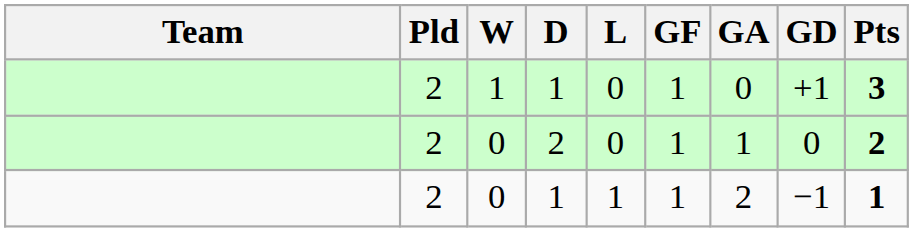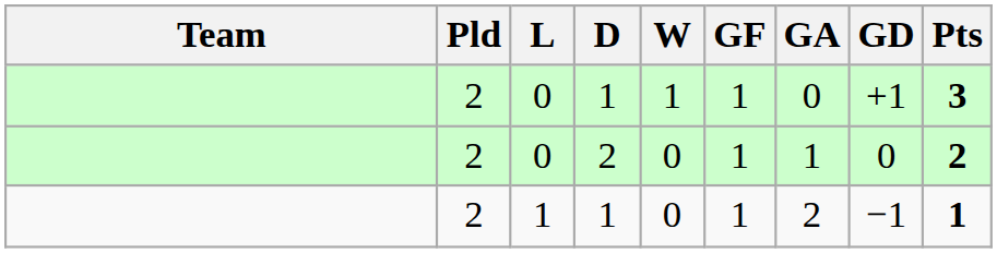 <table class="wikitable" style="text-align: center;">
 <tr>
 <th width=175>Team</th>
 <th width=20>Pld</th>
+<th width=20>L</th>
+<th width=20>D</th>
 <th width=20>W</th>
-<th width=20>D</th>
-<th width=20>L</th>
 <th width=20>GF</th>
 <th width=20>GA</th>
 <th width=20>GD</th>
 <th width=20>Pts</th>
 </tr>
 <tr bgcolor=ccffcc>
 <td style="text-align:left;"></td>
 <td>2</td>
+<td>0</td>
 <td>1</td>
 <td>1</td>
-<td>0</td>
 <td>1</td>
 <td>0</td>
 <td>+1</td>
 <td><strong>3</strong></td>
 </tr>
 <tr bgcolor=ccffcc>
 <td style="text-align:left;"></td>
 <td>2</td>
 <td>0</td>
 <td>2</td>
 <td>0</td>
 <td>1</td>
 <td>1</td>
 <td>0</td>
 <td><strong>2</strong></td>
 </tr>
 <tr>
 <td style="text-align:left;"></td>
 <td>2</td>
-<td>0</td>
 <td>1</td>
 <td>1</td>
+<td>0</td>
 <td>1</td>
 <td>2</td>
 <td>−1</td>
 <td><strong>1</strong></td>
 </tr>
 </table>
